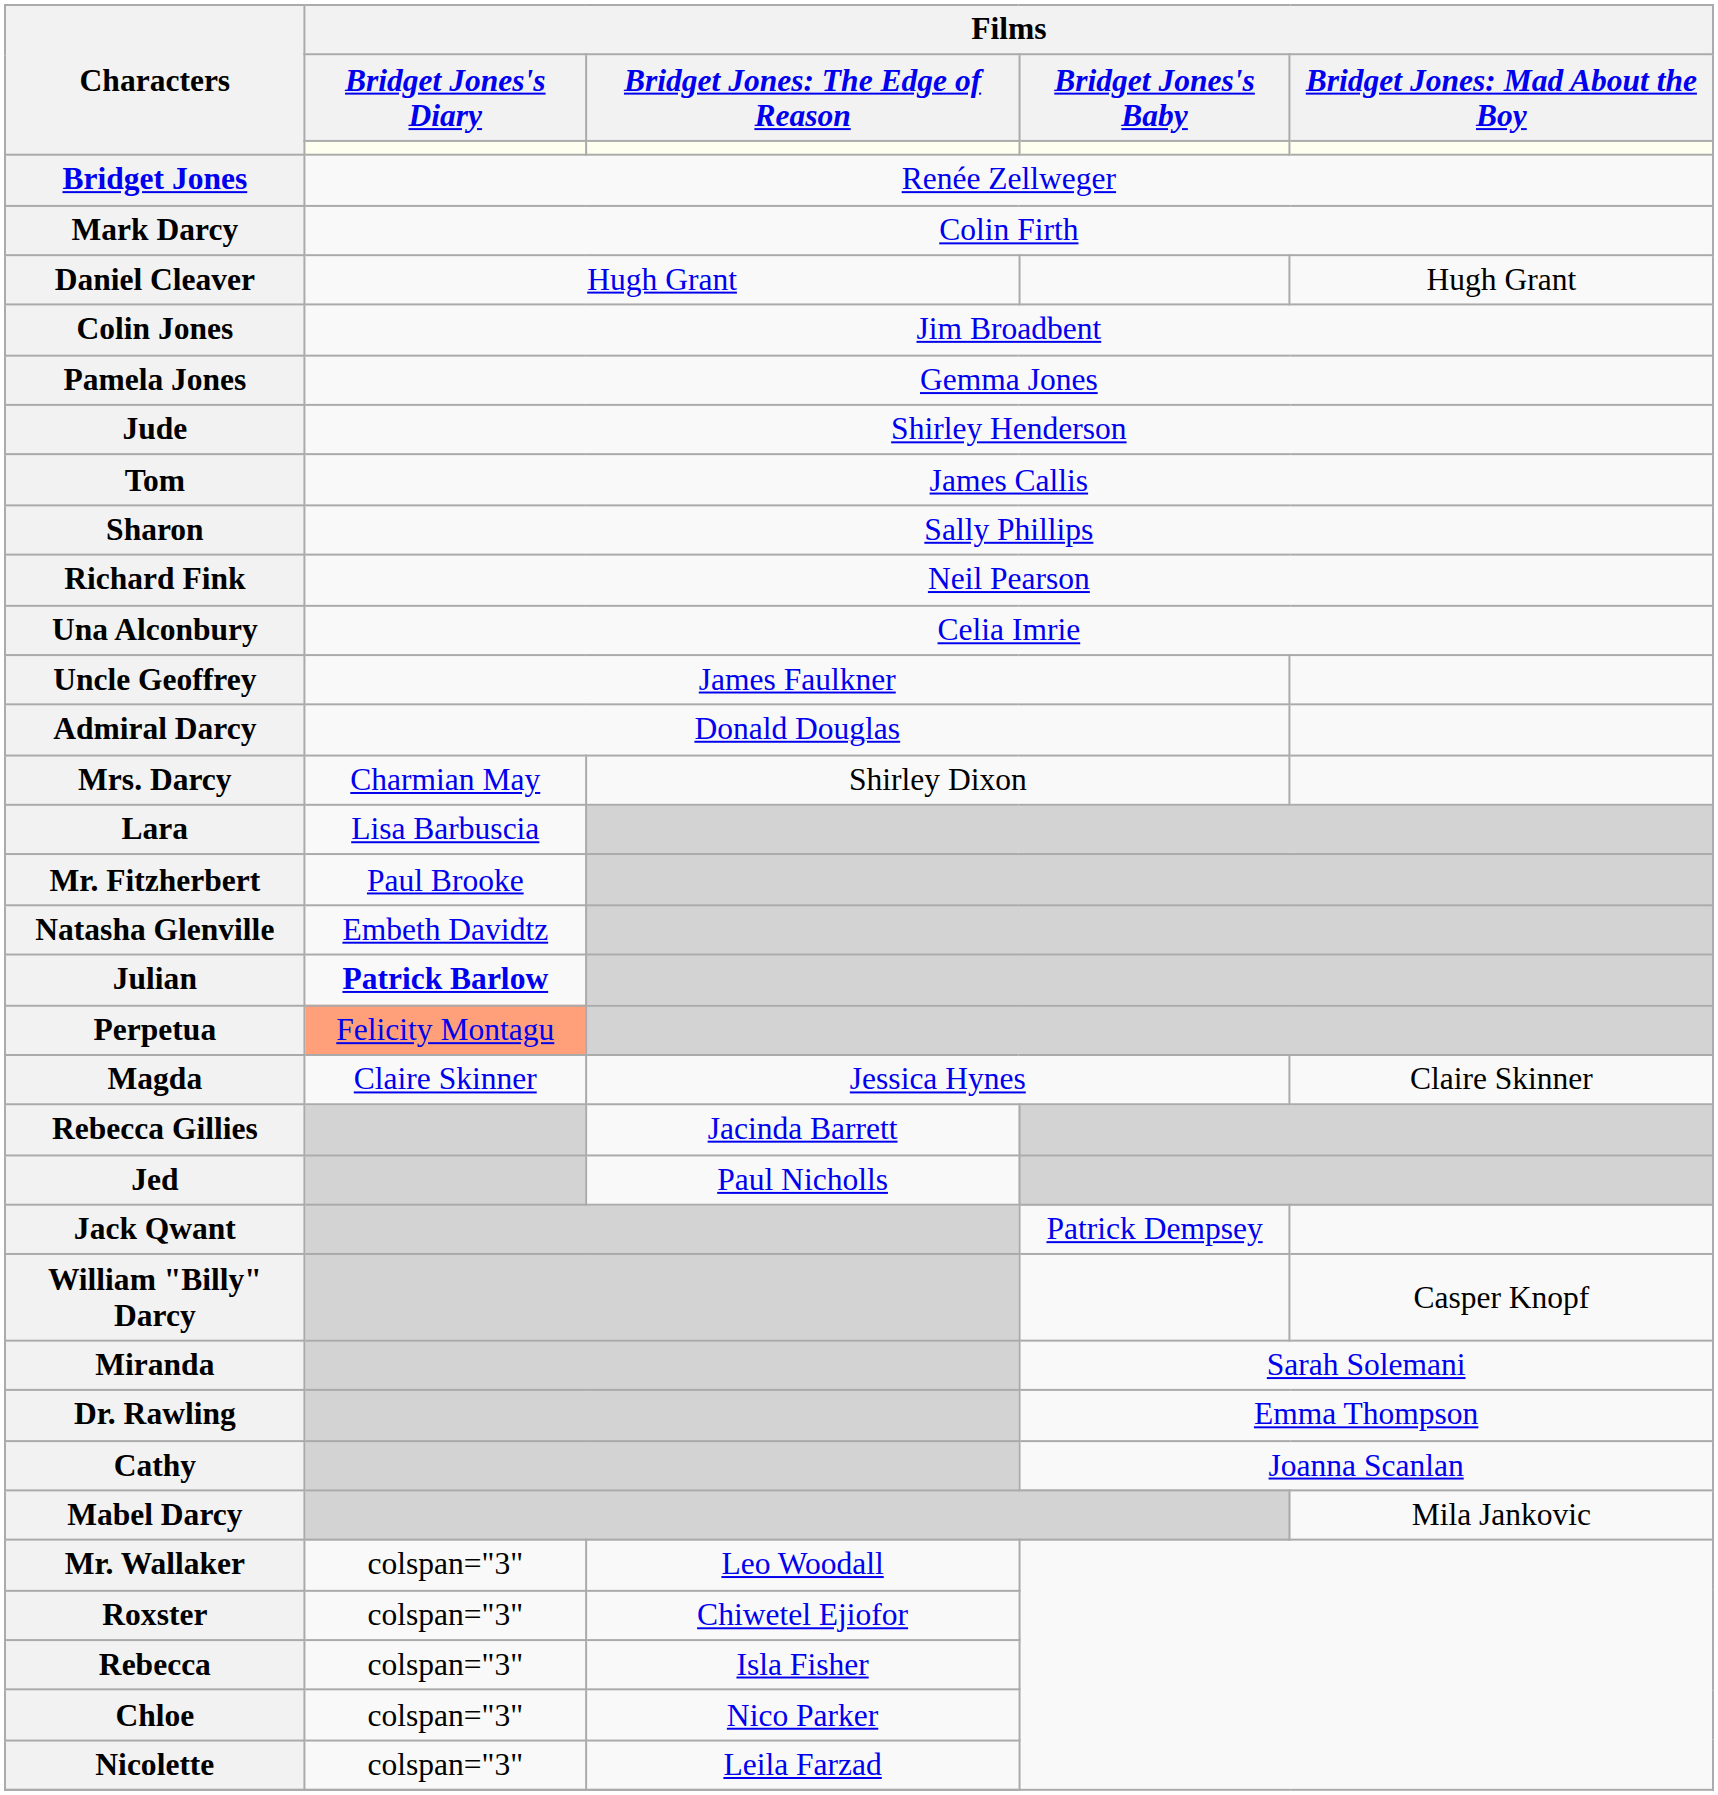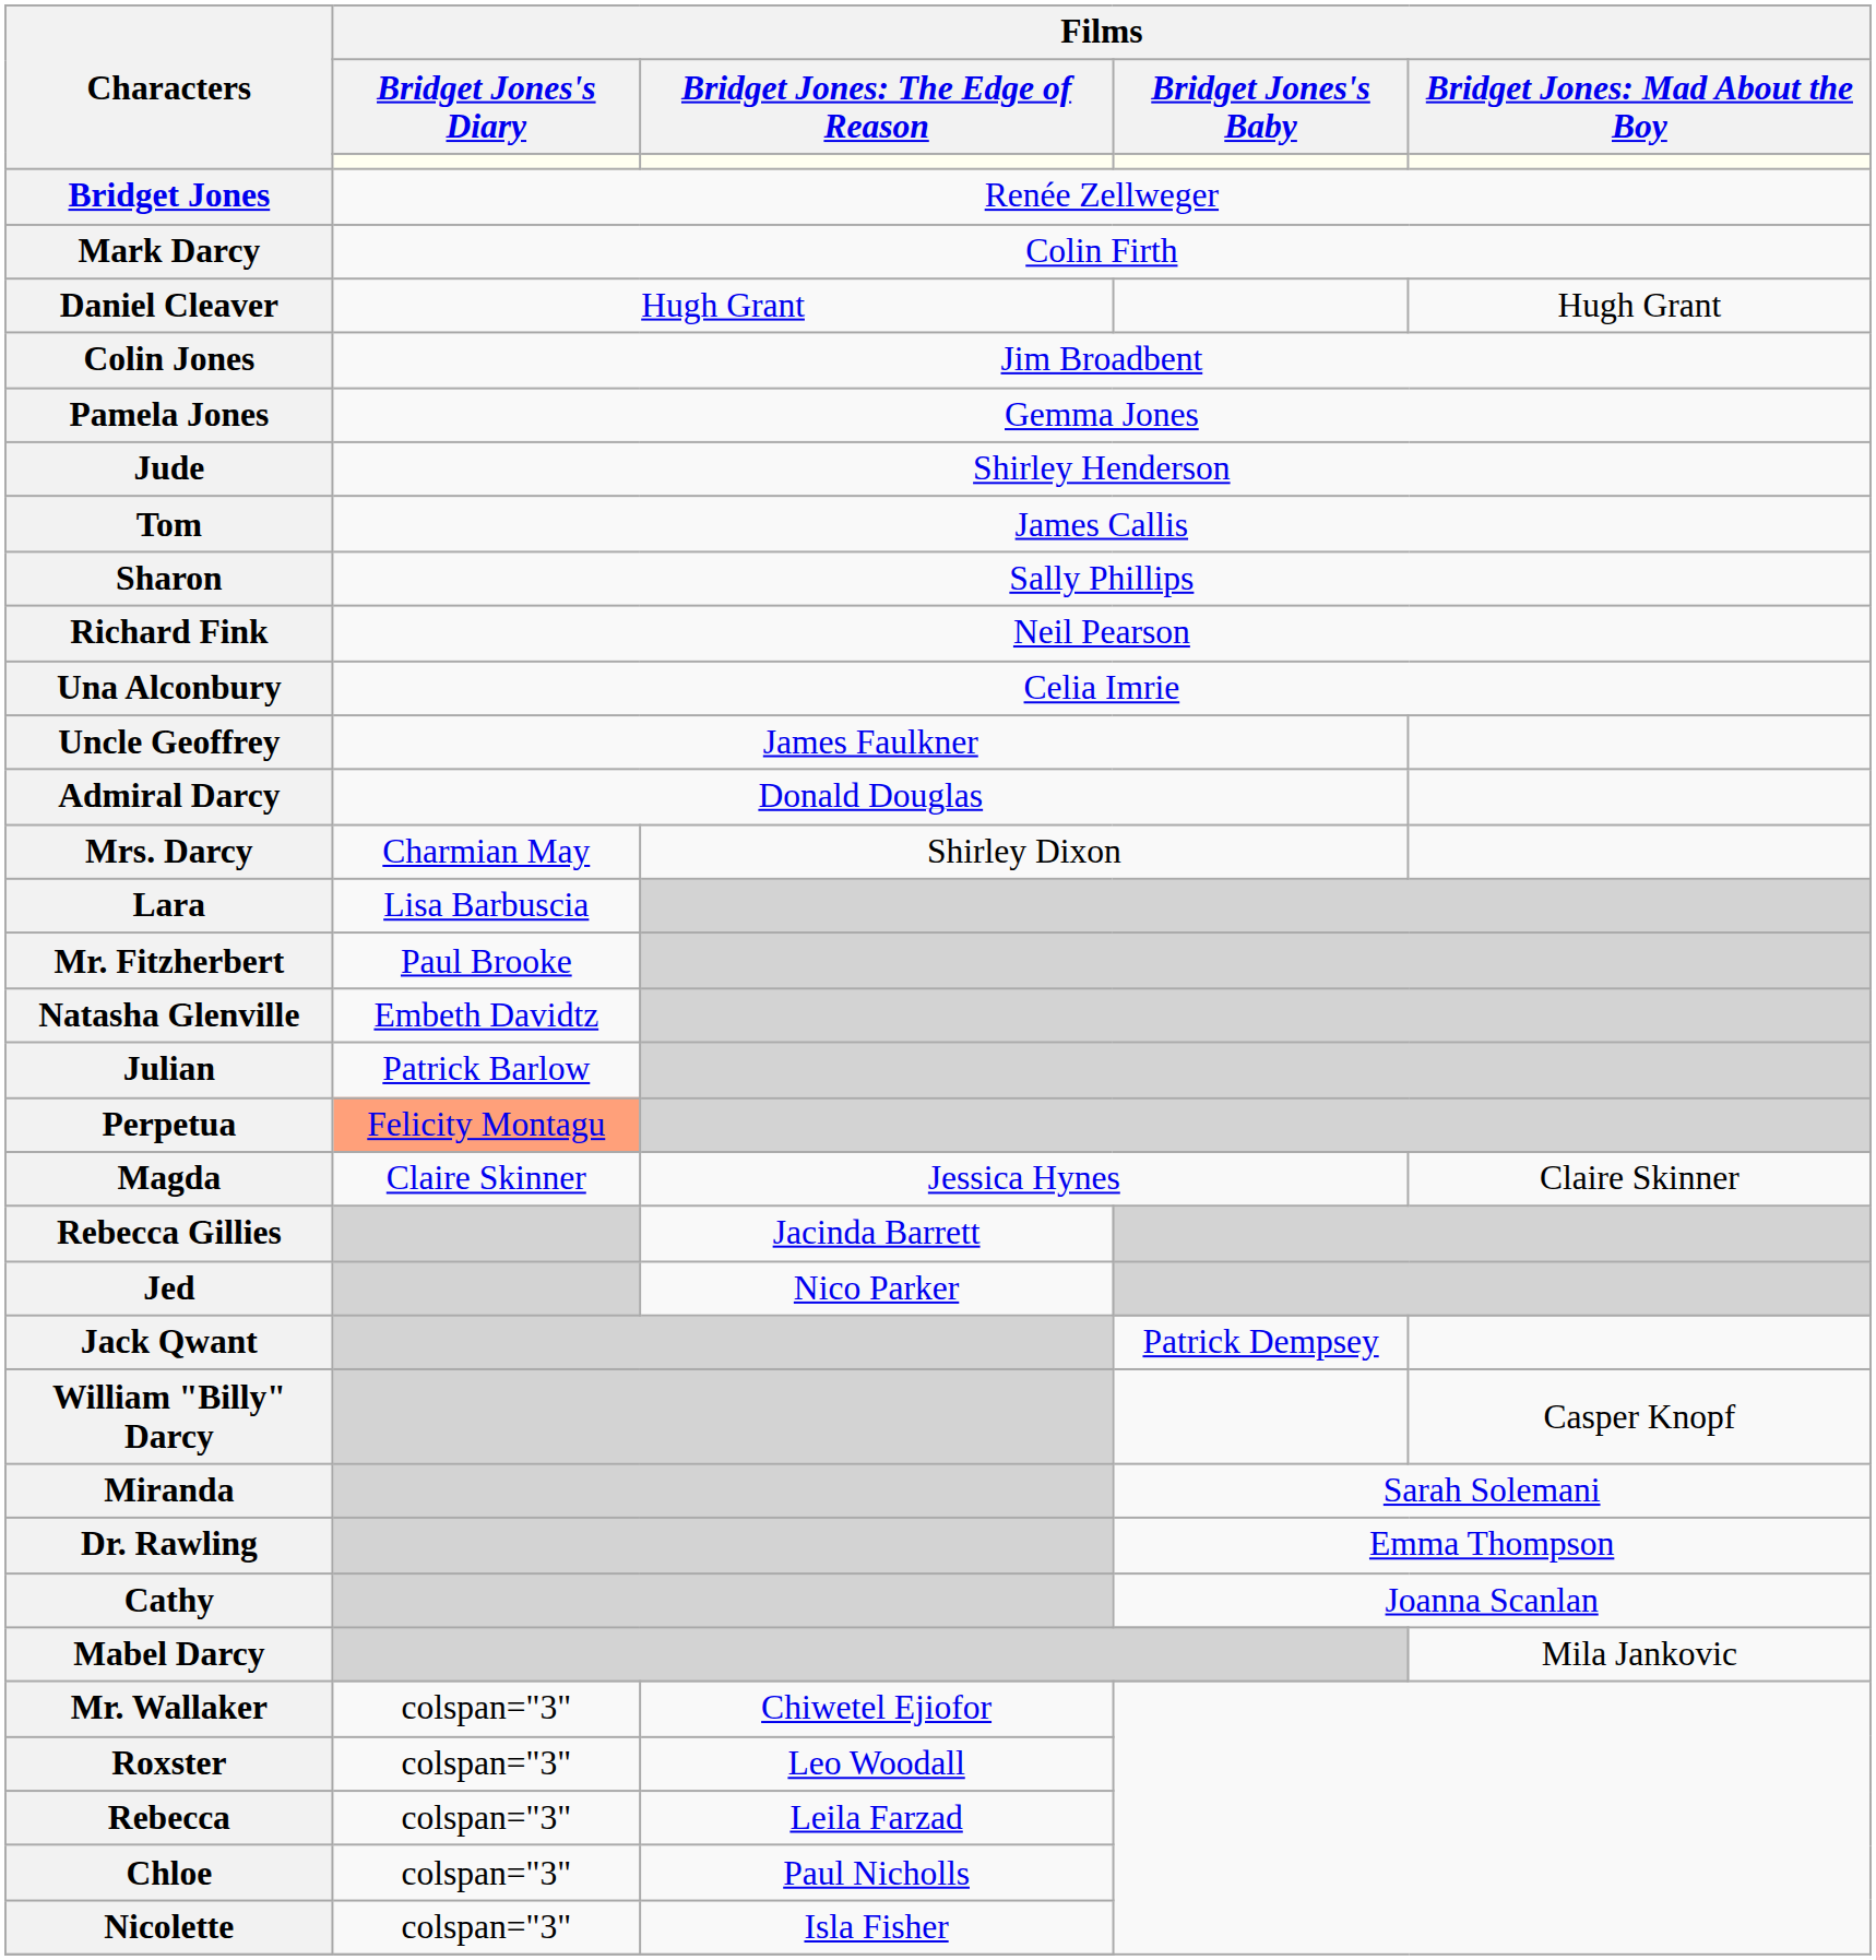 <table class="wikitable plainrowheaders" style="text-align:center;">
 <tr>
 <th rowspan="3">Characters</th>
 <th colspan="4">Films</th>
 </tr>
 <tr>
 <th><a href='#'><em>Bridget Jones's Diary</em></a></th>
 <th><a href='#'><em>Bridget Jones: The Edge of Reason</em></a></th>
 <th><a href='#'><em>Bridget Jones's Baby</em></a></th>
 <th><a href='#'><em>Bridget Jones: Mad About the Boy</em></a></th>
 </tr>
 <tr>
 <th style="background:ivory;"></th>
 <th style="background:ivory;"></th>
 <th style="background:ivory;"></th>
 <th style="background:ivory;"></th>
 </tr>
 <tr>
 <th><a href='#'>Bridget Jones</a></th>
 <td colspan="4"><a href='#'>Renée Zellweger</a></td>
 </tr>
 <tr>
 <th>Mark Darcy</th>
 <td colspan="4"><a href='#'>Colin Firth</a></td>
 </tr>
 <tr>
 <th>Daniel Cleaver</th>
 <td colspan="2"><a href='#'>Hugh Grant</a></td>
 <td></td>
 <td>Hugh Grant</td>
 </tr>
 <tr>
 <th>Colin Jones</th>
 <td colspan="4"><a href='#'>Jim Broadbent</a></td>
 </tr>
 <tr>
 <th>Pamela Jones</th>
 <td colspan="4"><a href='#'>Gemma Jones</a></td>
 </tr>
 <tr>
 <th>Jude</th>
 <td colspan="4"><a href='#'>Shirley Henderson</a></td>
 </tr>
 <tr>
 <th>Tom</th>
 <td colspan="4"><a href='#'>James Callis</a></td>
 </tr>
 <tr>
 <th>Sharon</th>
 <td colspan="4"><a href='#'>Sally Phillips</a></td>
 </tr>
 <tr>
 <th>Richard Fink</th>
 <td colspan="4"><a href='#'>Neil Pearson</a></td>
 </tr>
 <tr>
 <th>Una Alconbury</th>
 <td colspan="4"><a href='#'>Celia Imrie</a></td>
 </tr>
 <tr>
 <th>Uncle Geoffrey</th>
 <td colspan="3"><a href='#'>James Faulkner</a></td>
 <td></td>
 </tr>
 <tr>
 <th>Admiral Darcy</th>
 <td colspan="3"><a href='#'>Donald Douglas</a></td>
 <td></td>
 </tr>
 <tr>
 <th>Mrs. Darcy</th>
 <td><a href='#'>Charmian May</a></td>
 <td colspan="2">Shirley Dixon</td>
 <td></td>
 </tr>
 <tr>
 <th>Lara</th>
 <td><a href='#'>Lisa Barbuscia</a></td>
 <td colspan="3" style="background:lightgrey;"></td>
 </tr>
 <tr>
 <th>Mr. Fitzherbert</th>
 <td><a href='#'>Paul Brooke</a></td>
 <td colspan="3" style="background:lightgrey;"></td>
 </tr>
 <tr>
 <th>Natasha Glenville</th>
 <td><a href='#'>Embeth Davidtz</a></td>
 <td colspan="3" style="background:lightgrey;"></td>
 </tr>
 <tr>
 <th>Julian</th>
-<td><strong><a href='#'>Patrick Barlow</a></strong></td>
+<td><a href='#'>Patrick Barlow</a></td>
 <td colspan="3" style="background:lightgrey;"></td>
 </tr>
 <tr>
 <th>Perpetua</th>
 <td style="background: lightsalmon;"><a href='#'>Felicity Montagu</a></td>
 <td colspan="3" style="background:lightgrey;"></td>
 </tr>
 <tr>
 <th>Magda</th>
 <td><a href='#'>Claire Skinner</a></td>
 <td colspan="2"><a href='#'>Jessica Hynes</a></td>
 <td>Claire Skinner</td>
 </tr>
 <tr>
 <th>Rebecca Gillies</th>
 <td style="background:lightgrey;"> </td>
 <td><a href='#'>Jacinda Barrett</a></td>
 <td colspan="2" style="background:lightgrey;"></td>
 </tr>
 <tr>
 <th>Jed</th>
 <td style="background:lightgrey;"> </td>
-<td><a href='#'>Paul Nicholls</a></td>
+<td><a href='#'>Nico Parker</a></td>
 <td colspan="2" style="background:lightgrey;"></td>
 </tr>
 <tr>
 <th>Jack Qwant</th>
 <td colspan="2" style="background:lightgrey;"></td>
 <td><a href='#'>Patrick Dempsey</a></td>
 <td></td>
 </tr>
 <tr>
 <th>William "Billy" Darcy</th>
 <td colspan="2" style="background:lightgrey;"></td>
 <td></td>
 <td>Casper Knopf</td>
 </tr>
 <tr>
 <th>Miranda</th>
 <td colspan="2" style="background:lightgrey;"></td>
 <td colspan="2"><a href='#'>Sarah Solemani</a></td>
 </tr>
 <tr>
 <th>Dr. Rawling</th>
 <td colspan="2" style="background:lightgrey;"></td>
 <td colspan="2"><a href='#'>Emma Thompson</a></td>
 </tr>
 <tr>
 <th>Cathy</th>
 <td colspan="2" style="background:lightgrey;"></td>
 <td colspan="2"><a href='#'>Joanna Scanlan</a></td>
 </tr>
 <tr>
 <th>Mabel Darcy</th>
 <td colspan="3" style="background:lightgrey;"></td>
 <td>Mila Jankovic</td>
 </tr>
 <tr>
 <th>Mr. Wallaker</th>
 <td>colspan="3" </td>
-<td><a href='#'>Leo Woodall</a></td>
+<td><a href='#'>Chiwetel Ejiofor</a></td>
 </tr>
 <tr>
 <th>Roxster</th>
 <td>colspan="3" </td>
-<td><a href='#'>Chiwetel Ejiofor</a></td>
+<td><a href='#'>Leo Woodall</a></td>
 </tr>
 <tr>
 <th>Rebecca</th>
 <td>colspan="3" </td>
-<td><a href='#'>Isla Fisher</a></td>
+<td><a href='#'>Leila Farzad</a></td>
 </tr>
 <tr>
 <th>Chloe</th>
 <td>colspan="3" </td>
-<td><a href='#'>Nico Parker</a></td>
+<td><a href='#'>Paul Nicholls</a></td>
 </tr>
 <tr>
 <th>Nicolette</th>
 <td>colspan="3" </td>
-<td><a href='#'>Leila Farzad</a></td>
+<td><a href='#'>Isla Fisher</a></td>
 </tr>
 <tr>
 </tr>
 </table>
